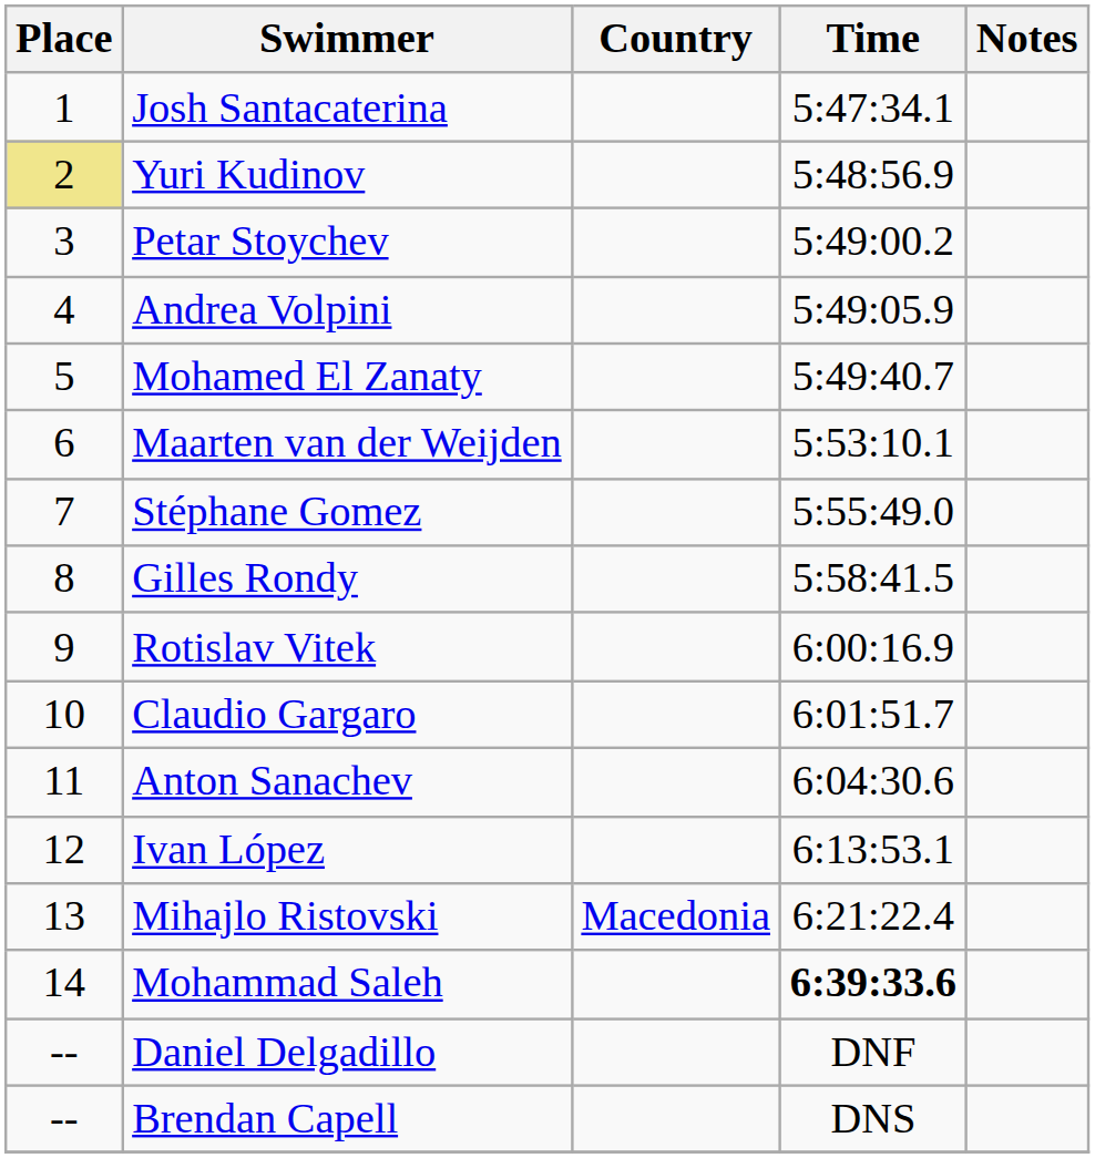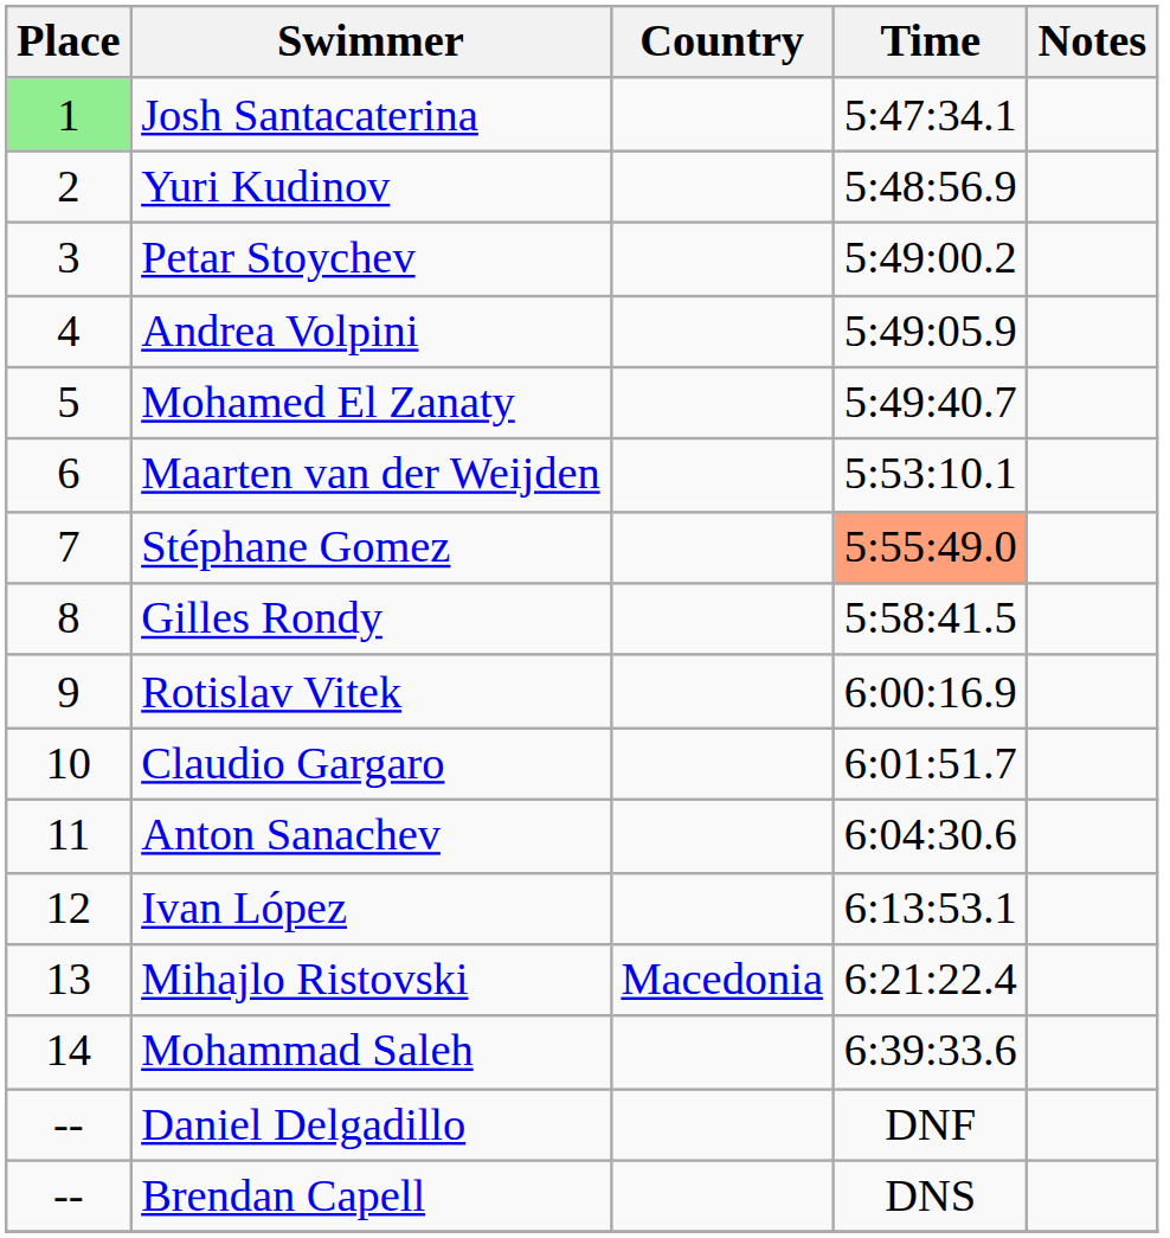 <table class="wikitable" style="text-align:center">
 <tr>
 <th>Place</th>
 <th>Swimmer</th>
 <th>Country</th>
 <th>Time</th>
 <th>Notes</th>
 </tr>
 <tr>
-<td>1</td>
+<td style="background: lightgreen;">1</td>
 <td align=left><a href='#'>Josh Santacaterina</a></td>
 <td align=left></td>
 <td>5:47:34.1</td>
 <td></td>
 </tr>
 <tr>
-<td style="background: khaki;">2</td>
+<td>2</td>
 <td align=left><a href='#'>Yuri Kudinov</a></td>
 <td align=left></td>
 <td>5:48:56.9</td>
 <td></td>
 </tr>
 <tr>
 <td>3</td>
 <td align=left><a href='#'>Petar Stoychev</a></td>
 <td align=left></td>
 <td>5:49:00.2</td>
 <td></td>
 </tr>
 <tr>
 <td>4</td>
 <td align=left><a href='#'>Andrea Volpini</a></td>
 <td align=left></td>
 <td>5:49:05.9</td>
 <td></td>
 </tr>
 <tr>
 <td>5</td>
 <td align=left><a href='#'>Mohamed El Zanaty</a></td>
 <td align=left></td>
 <td>5:49:40.7</td>
 <td></td>
 </tr>
 <tr>
 <td>6</td>
 <td align=left><a href='#'>Maarten van der Weijden</a></td>
 <td align=left></td>
 <td>5:53:10.1</td>
 <td></td>
 </tr>
 <tr>
 <td>7</td>
 <td align=left><a href='#'>Stéphane Gomez</a></td>
 <td align=left></td>
-<td>5:55:49.0</td>
+<td style="background: lightsalmon;">5:55:49.0</td>
 <td></td>
 </tr>
 <tr>
 <td>8</td>
 <td align=left><a href='#'>Gilles Rondy</a></td>
 <td align=left></td>
 <td>5:58:41.5</td>
 <td></td>
 </tr>
 <tr>
 <td>9</td>
 <td align=left><a href='#'>Rotislav Vitek</a></td>
 <td align=left></td>
 <td>6:00:16.9</td>
 <td></td>
 </tr>
 <tr>
 <td>10</td>
 <td align=left><a href='#'>Claudio Gargaro</a></td>
 <td align=left></td>
 <td>6:01:51.7</td>
 <td></td>
 </tr>
 <tr>
 <td>11</td>
 <td align=left><a href='#'>Anton Sanachev</a></td>
 <td align=left></td>
 <td>6:04:30.6</td>
 <td></td>
 </tr>
 <tr>
 <td>12</td>
 <td align=left><a href='#'>Ivan López</a></td>
 <td align=left></td>
 <td>6:13:53.1</td>
 <td></td>
 </tr>
 <tr>
 <td>13</td>
 <td align=left><a href='#'>Mihajlo Ristovski</a></td>
 <td align=left> <a href='#'>Macedonia</a></td>
 <td>6:21:22.4</td>
 <td></td>
 </tr>
 <tr>
 <td>14</td>
 <td align=left><a href='#'>Mohammad Saleh</a></td>
 <td align=left></td>
-<td><strong>6:39:33.6</strong></td>
+<td>6:39:33.6</td>
 <td></td>
 </tr>
 <tr>
 <td>--</td>
 <td align=left><a href='#'>Daniel Delgadillo</a></td>
 <td align=left></td>
 <td>DNF</td>
 <td></td>
 </tr>
 <tr>
 <td>--</td>
 <td align=left><a href='#'>Brendan Capell</a></td>
 <td align=left></td>
 <td>DNS</td>
 <td></td>
 </tr>
 <tr>
 </tr>
 </table>
